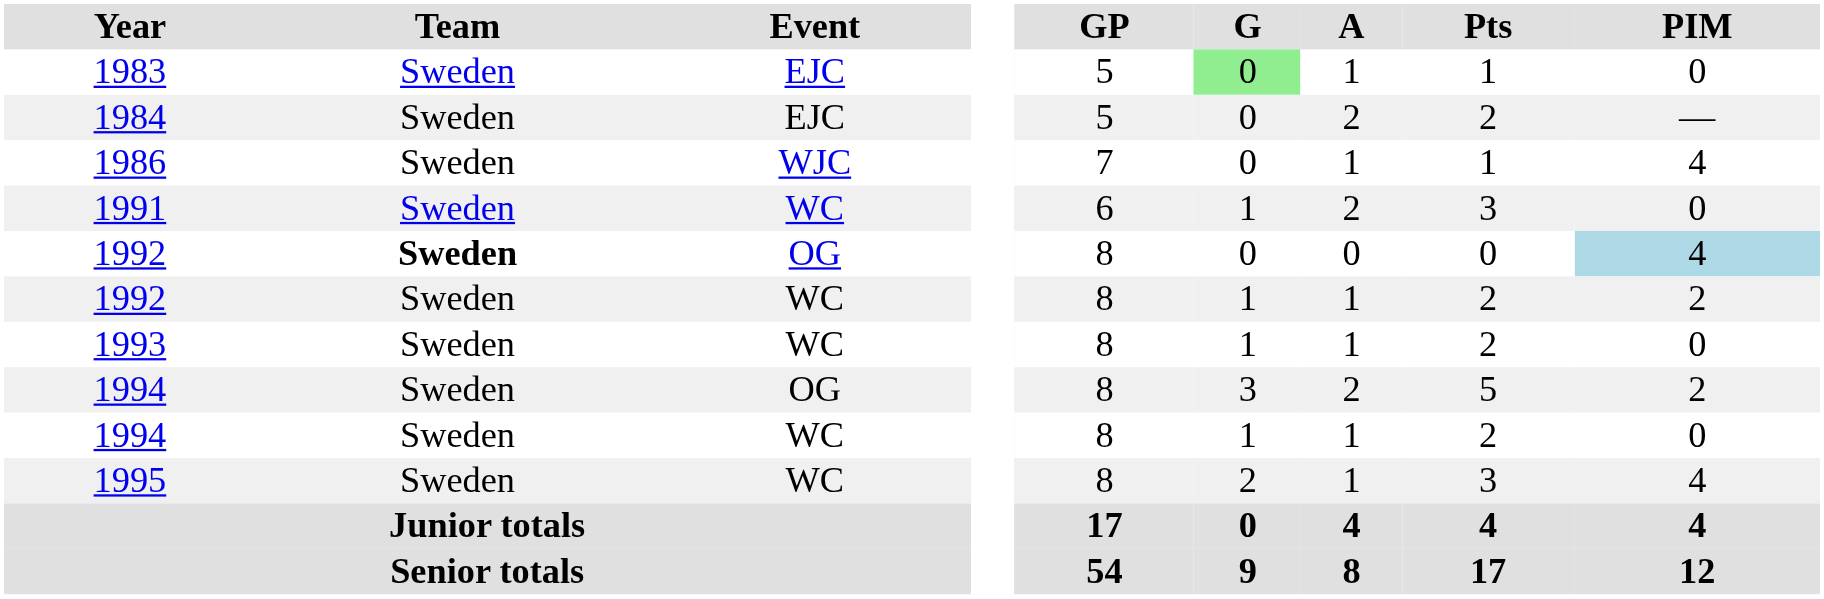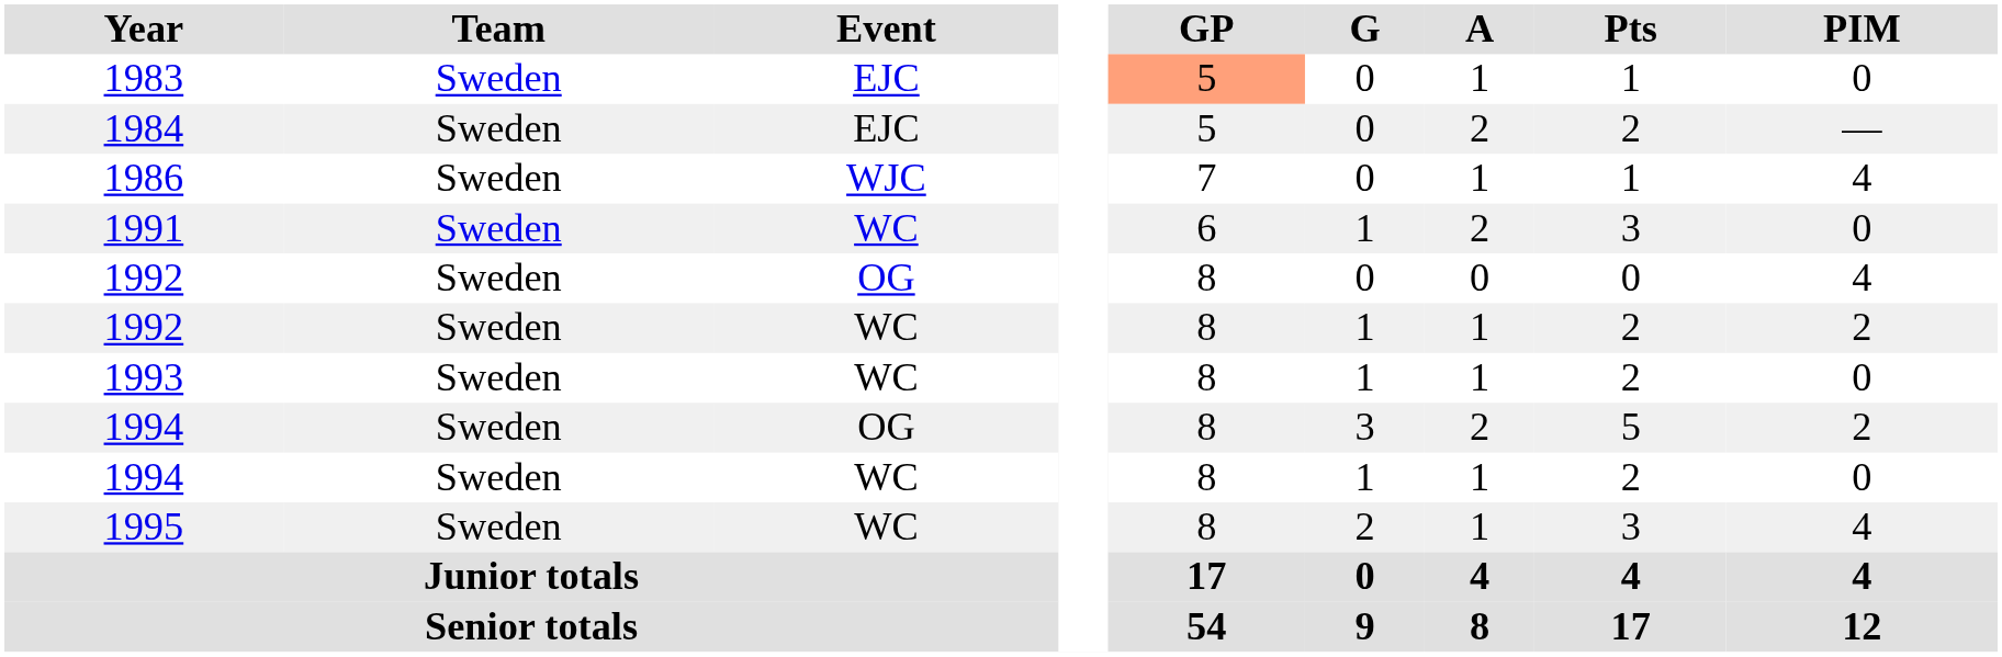 <table border="0" cellpadding="1" cellspacing="0" style="text-align:center; width:50em">
 <tr ALIGN="center" bgcolor="#e0e0e0">
 <th>Year</th>
 <th>Team</th>
 <th>Event</th>
 <th rowspan="99" bgcolor="#ffffff"> </th>
 <th>GP</th>
 <th>G</th>
 <th>A</th>
 <th>Pts</th>
 <th>PIM</th>
 </tr>
 <tr>
 <td><a href='#'>1983</a></td>
 <td><a href='#'>Sweden</a></td>
 <td><a href='#'>EJC</a></td>
-<td>5</td>
-<td style="background: lightgreen;">0</td>
+<td style="background: lightsalmon;">5</td>
+<td>0</td>
 <td>1</td>
 <td>1</td>
 <td>0</td>
 </tr>
 <tr bgcolor="#f0f0f0">
 <td><a href='#'>1984</a></td>
 <td>Sweden</td>
 <td>EJC</td>
 <td>5</td>
 <td>0</td>
 <td>2</td>
 <td>2</td>
 <td>—</td>
 </tr>
 <tr>
 <td><a href='#'>1986</a></td>
 <td>Sweden</td>
 <td><a href='#'>WJC</a></td>
 <td>7</td>
 <td>0</td>
 <td>1</td>
 <td>1</td>
 <td>4</td>
 </tr>
 <tr bgcolor="#f0f0f0">
 <td><a href='#'>1991</a></td>
 <td><a href='#'>Sweden</a></td>
 <td><a href='#'>WC</a></td>
 <td>6</td>
 <td>1</td>
 <td>2</td>
 <td>3</td>
 <td>0</td>
 </tr>
 <tr>
 <td><a href='#'>1992</a></td>
-<td><strong>Sweden</strong></td>
+<td>Sweden</td>
 <td><a href='#'>OG</a></td>
 <td>8</td>
 <td>0</td>
 <td>0</td>
 <td>0</td>
-<td style="background: lightblue;">4</td>
+<td>4</td>
 </tr>
 <tr bgcolor="#f0f0f0">
 <td><a href='#'>1992</a></td>
 <td>Sweden</td>
 <td>WC</td>
 <td>8</td>
 <td>1</td>
 <td>1</td>
 <td>2</td>
 <td>2</td>
 </tr>
 <tr>
 <td><a href='#'>1993</a></td>
 <td>Sweden</td>
 <td>WC</td>
 <td>8</td>
 <td>1</td>
 <td>1</td>
 <td>2</td>
 <td>0</td>
 </tr>
 <tr bgcolor="#f0f0f0">
 <td><a href='#'>1994</a></td>
 <td>Sweden</td>
 <td>OG</td>
 <td>8</td>
 <td>3</td>
 <td>2</td>
 <td>5</td>
 <td>2</td>
 </tr>
 <tr>
 <td><a href='#'>1994</a></td>
 <td>Sweden</td>
 <td>WC</td>
 <td>8</td>
 <td>1</td>
 <td>1</td>
 <td>2</td>
 <td>0</td>
 </tr>
 <tr bgcolor="#f0f0f0">
 <td><a href='#'>1995</a></td>
 <td>Sweden</td>
 <td>WC</td>
 <td>8</td>
 <td>2</td>
 <td>1</td>
 <td>3</td>
 <td>4</td>
 </tr>
 <tr bgcolor="#e0e0e0">
 <th colspan=3>Junior totals</th>
 <th>17</th>
 <th>0</th>
 <th>4</th>
 <th>4</th>
 <th>4</th>
 </tr>
 <tr bgcolor="#e0e0e0">
 <th colspan=3>Senior totals</th>
 <th>54</th>
 <th>9</th>
 <th>8</th>
 <th>17</th>
 <th>12</th>
 </tr>
 </table>
